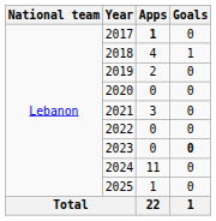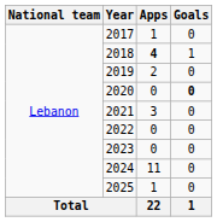 <table class="wikitable" style="text-align:center">
 <tr>
 <th>National team</th>
 <th>Year</th>
 <th>Apps</th>
 <th>Goals</th>
 </tr>
 <tr>
 <td rowspan="9"><a href='#'>Lebanon</a></td>
 <td>2017</td>
-<td><strong>1</strong></td>
+<td>1</td>
 <td>0</td>
 </tr>
 <tr>
 <td>2018</td>
-<td>4</td>
+<td><strong>4</strong></td>
 <td>1</td>
 </tr>
 <tr>
 <td>2019</td>
 <td>2</td>
 <td>0</td>
 </tr>
 <tr>
 <td>2020</td>
 <td>0</td>
-<td>0</td>
+<td><strong>0</strong></td>
 </tr>
 <tr>
 <td>2021</td>
 <td>3</td>
 <td>0</td>
 </tr>
 <tr>
 <td>2022</td>
 <td>0</td>
 <td>0</td>
 </tr>
 <tr>
 <td>2023</td>
 <td>0</td>
-<td><strong>0</strong></td>
+<td>0</td>
 </tr>
 <tr>
 <td>2024</td>
 <td>11</td>
 <td>0</td>
 </tr>
 <tr>
 <td>2025</td>
 <td>1</td>
 <td>0</td>
 </tr>
 <tr>
 <th colspan="2">Total</th>
 <th>22</th>
 <th>1</th>
 </tr>
 </table>
